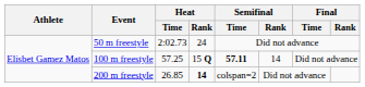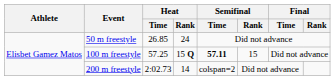 <table class=wikitable style="font-size:90%">
 <tr>
 <th rowspan=2>Athlete</th>
 <th rowspan=2>Event</th>
 <th colspan="2">Heat</th>
 <th colspan="2">Semifinal</th>
 <th colspan="2">Final</th>
 </tr>
 <tr style="font-size:95%">
 <th>Time</th>
 <th>Rank</th>
 <th>Time</th>
 <th>Rank</th>
 <th>Time</th>
 <th>Rank</th>
 </tr>
 <tr align=center>
 <td align=left rowspan=3><a href='#'>Elisbet Gamez Matos</a></td>
 <td align=left><a href='#'>50 m freestyle</a></td>
-<td>2:02.73</td>
+<td>26.85</td>
 <td>24</td>
 <td colspan=4>Did not advance</td>
 </tr>
 <tr align=center>
 <td align=left><a href='#'>100 m freestyle</a></td>
 <td>57.25</td>
 <td>15 <strong>Q</strong></td>
 <td><strong>57.11</strong></td>
-<td>14</td>
+<td>15</td>
 <td colspan=2>Did not advance</td>
 </tr>
 <tr align=center>
 <td align=left><a href='#'>200 m freestyle</a></td>
-<td>26.85</td>
-<td><strong>14</strong></td>
+<td>2:02.73</td>
+<td>14</td>
 <td>colspan=2 </td>
 <td colspan=2>Did not advance</td>
 </tr>
 </table>
